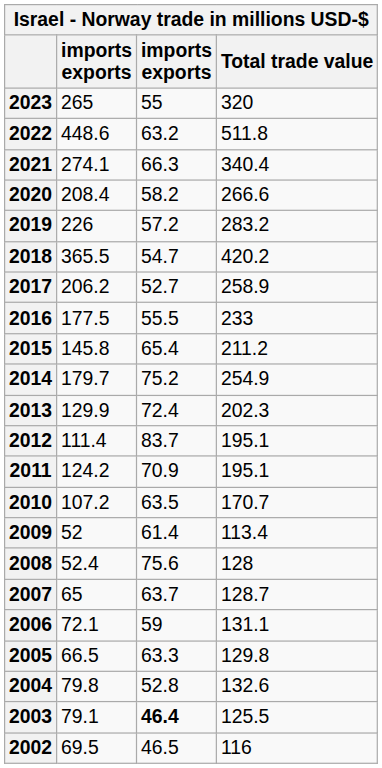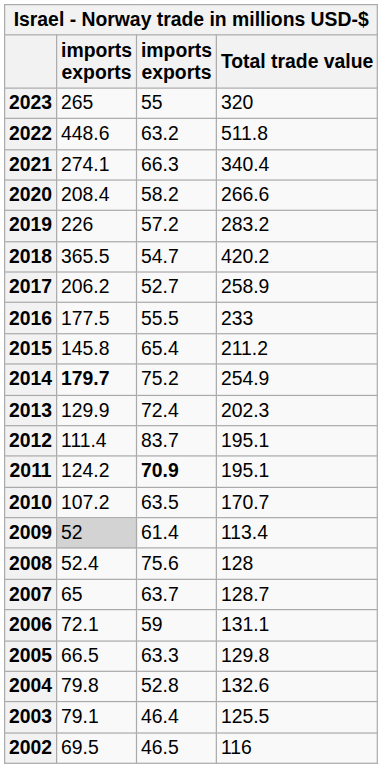 <table class="wikitable mw-collapsible mw-collapsed">
 <tr>
 <th colspan="4">Israel - Norway trade in millions USD-$</th>
 </tr>
 <tr>
 <th></th>
 <th> imports<br> exports</th>
 <th> imports<br> exports</th>
 <th>Total trade value</th>
 </tr>
 <tr>
 <th>2023</th>
 <td>265</td>
 <td>55</td>
 <td>320</td>
 </tr>
 <tr>
 <th>2022</th>
 <td>448.6</td>
 <td>63.2</td>
 <td>511.8</td>
 </tr>
 <tr>
 <th>2021</th>
 <td>274.1</td>
 <td>66.3</td>
 <td>340.4</td>
 </tr>
 <tr>
 <th>2020</th>
 <td>208.4</td>
 <td>58.2</td>
 <td>266.6</td>
 </tr>
 <tr>
 <th>2019</th>
 <td>226</td>
 <td>57.2</td>
 <td>283.2</td>
 </tr>
 <tr>
 <th>2018</th>
 <td>365.5</td>
 <td>54.7</td>
 <td>420.2</td>
 </tr>
 <tr>
 <th>2017</th>
 <td>206.2</td>
 <td>52.7</td>
 <td>258.9</td>
 </tr>
 <tr>
 <th>2016</th>
 <td>177.5</td>
 <td>55.5</td>
 <td>233</td>
 </tr>
 <tr>
 <th>2015</th>
 <td>145.8</td>
 <td>65.4</td>
 <td>211.2</td>
 </tr>
 <tr>
 <th>2014</th>
-<td>179.7</td>
+<td><strong>179.7</strong></td>
 <td>75.2</td>
 <td>254.9</td>
 </tr>
 <tr>
 <th>2013</th>
 <td>129.9</td>
 <td>72.4</td>
 <td>202.3</td>
 </tr>
 <tr>
 <th>2012</th>
 <td>111.4</td>
 <td>83.7</td>
 <td>195.1</td>
 </tr>
 <tr>
 <th>2011</th>
 <td>124.2</td>
-<td>70.9</td>
+<td><strong>70.9</strong></td>
 <td>195.1</td>
 </tr>
 <tr>
 <th>2010</th>
 <td>107.2</td>
 <td>63.5</td>
 <td>170.7</td>
 </tr>
 <tr>
 <th>2009</th>
-<td>52</td>
+<td style="background: lightgrey;">52</td>
 <td>61.4</td>
 <td>113.4</td>
 </tr>
 <tr>
 <th>2008</th>
 <td>52.4</td>
 <td>75.6</td>
 <td>128</td>
 </tr>
 <tr>
 <th>2007</th>
 <td>65</td>
 <td>63.7</td>
 <td>128.7</td>
 </tr>
 <tr>
 <th>2006</th>
 <td>72.1</td>
 <td>59</td>
 <td>131.1</td>
 </tr>
 <tr>
 <th>2005</th>
 <td>66.5</td>
 <td>63.3</td>
 <td>129.8</td>
 </tr>
 <tr>
 <th>2004</th>
 <td>79.8</td>
 <td>52.8</td>
 <td>132.6</td>
 </tr>
 <tr>
 <th>2003</th>
 <td>79.1</td>
-<td><strong>46.4</strong></td>
+<td>46.4</td>
 <td>125.5</td>
 </tr>
 <tr>
 <th>2002</th>
 <td>69.5</td>
 <td>46.5</td>
 <td>116</td>
 </tr>
 </table>
